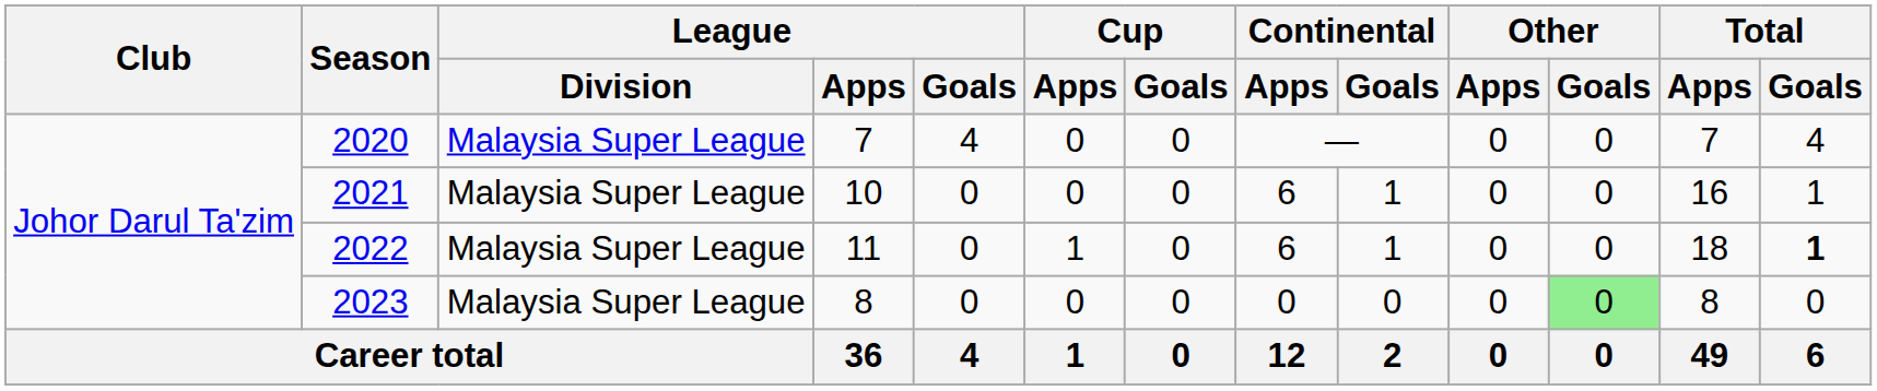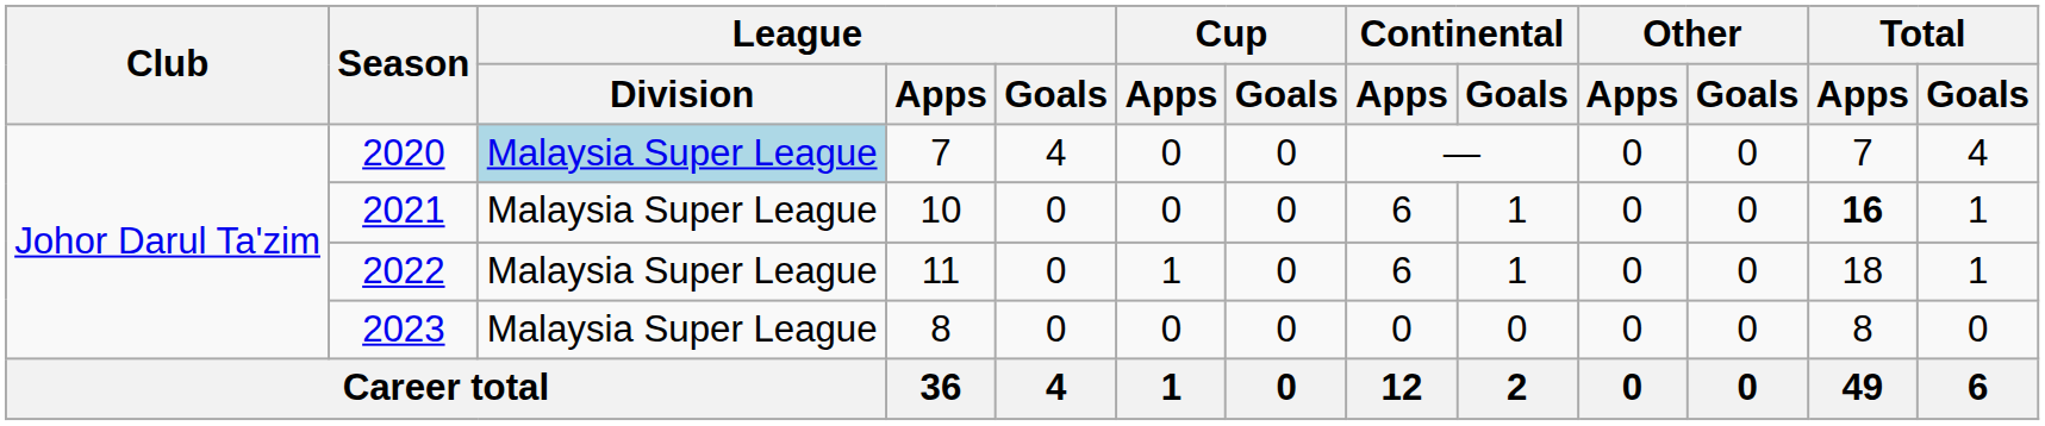 <table class="wikitable" style="text-align: center">
 <tr>
 <th rowspan="2">Club</th>
 <th rowspan="2">Season</th>
 <th colspan="3">League</th>
 <th colspan="2">Cup</th>
 <th colspan="2">Continental</th>
 <th colspan="2">Other</th>
 <th colspan="2">Total</th>
 </tr>
 <tr>
 <th>Division</th>
 <th>Apps</th>
 <th>Goals</th>
 <th>Apps</th>
 <th>Goals</th>
 <th>Apps</th>
 <th>Goals</th>
 <th>Apps</th>
 <th>Goals</th>
 <th>Apps</th>
 <th>Goals</th>
 </tr>
 <tr>
 <td rowspan="4"><a href='#'>Johor Darul Ta'zim</a></td>
 <td><a href='#'>2020</a></td>
-<td rowspan="1"><a href='#'>Malaysia Super League</a></td>
+<td rowspan="1" style="background: lightblue;"><a href='#'>Malaysia Super League</a></td>
 <td>7</td>
 <td>4</td>
 <td>0</td>
 <td>0</td>
 <td colspan="2">—</td>
 <td>0</td>
 <td>0</td>
 <td>7</td>
 <td>4</td>
 </tr>
 <tr>
 <td><a href='#'>2021</a></td>
 <td valign="center">Malaysia Super League</td>
 <td>10</td>
 <td>0</td>
 <td>0</td>
 <td>0</td>
 <td>6</td>
 <td>1</td>
 <td>0</td>
 <td>0</td>
-<td>16</td>
+<td><strong>16</strong></td>
 <td>1</td>
 </tr>
 <tr>
 <td><a href='#'>2022</a></td>
 <td valign="center">Malaysia Super League</td>
 <td>11</td>
 <td>0</td>
 <td>1</td>
 <td>0</td>
 <td>6</td>
 <td>1</td>
 <td>0</td>
 <td>0</td>
 <td>18</td>
-<td><strong>1</strong></td>
+<td>1</td>
 </tr>
 <tr>
 <td><a href='#'>2023</a></td>
 <td valign="center">Malaysia Super League</td>
 <td>8</td>
 <td>0</td>
 <td>0</td>
 <td>0</td>
 <td>0</td>
 <td>0</td>
 <td>0</td>
-<td style="background: lightgreen;">0</td>
+<td>0</td>
 <td>8</td>
 <td>0</td>
 </tr>
 <tr>
 <th colspan=3>Career total</th>
 <th>36</th>
 <th>4</th>
 <th>1</th>
 <th>0</th>
 <th>12</th>
 <th>2</th>
 <th>0</th>
 <th>0</th>
 <th>49</th>
 <th>6</th>
 </tr>
 </table>
